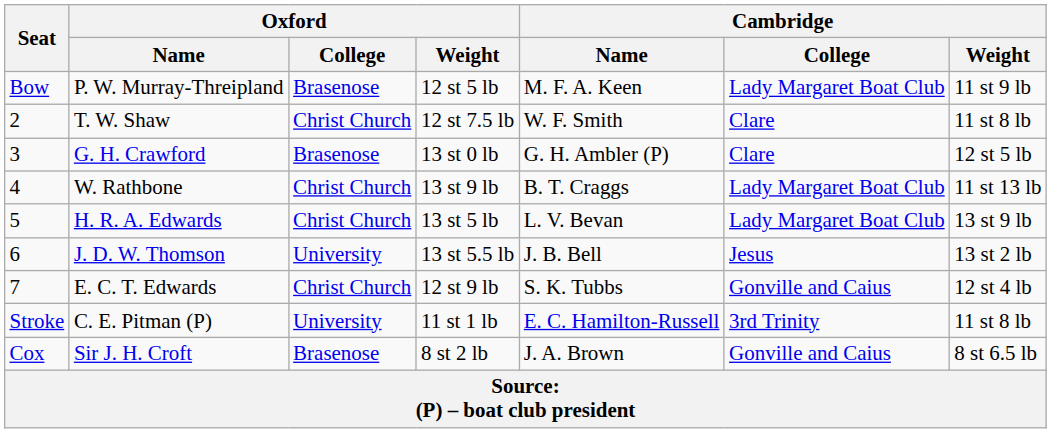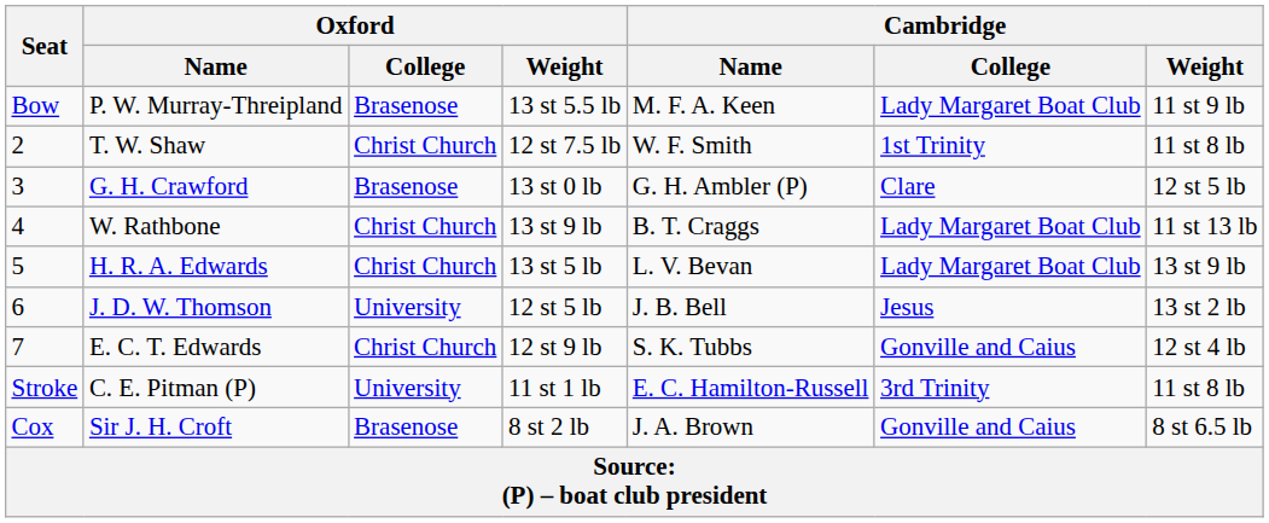 <table class="wikitable">
 <tr>
 <th rowspan="2" scope="col">Seat</th>
 <th colspan="3" scope="col">Oxford <br> </th>
 <th colspan="3" scope="col">Cambridge <br> </th>
 </tr>
 <tr>
 <th>Name</th>
 <th>College</th>
 <th>Weight</th>
 <th>Name</th>
 <th>College</th>
 <th>Weight</th>
 </tr>
 <tr>
 <td><a href='#'>Bow</a></td>
 <td>P. W. Murray-Threipland</td>
 <td><a href='#'>Brasenose</a></td>
-<td>12 st 5 lb</td>
+<td>13 st 5.5 lb</td>
 <td>M. F. A. Keen</td>
 <td><a href='#'>Lady Margaret Boat Club</a></td>
 <td>11 st 9 lb</td>
 </tr>
 <tr>
 <td>2</td>
 <td>T. W. Shaw</td>
 <td><a href='#'>Christ Church</a></td>
 <td>12 st 7.5 lb</td>
 <td>W. F. Smith</td>
-<td><a href='#'>Clare</a></td>
+<td><a href='#'>1st Trinity</a></td>
 <td>11 st 8 lb</td>
 </tr>
 <tr>
 <td>3</td>
 <td><a href='#'>G. H. Crawford</a></td>
 <td><a href='#'>Brasenose</a></td>
 <td>13 st 0 lb</td>
 <td>G. H. Ambler (P)</td>
 <td><a href='#'>Clare</a></td>
 <td>12 st 5 lb</td>
 </tr>
 <tr>
 <td>4</td>
 <td>W. Rathbone</td>
 <td><a href='#'>Christ Church</a></td>
 <td>13 st 9 lb</td>
 <td>B. T. Craggs</td>
 <td><a href='#'>Lady Margaret Boat Club</a></td>
 <td>11 st 13 lb</td>
 </tr>
 <tr>
 <td>5</td>
 <td><a href='#'>H. R. A. Edwards</a></td>
 <td><a href='#'>Christ Church</a></td>
 <td>13 st 5 lb</td>
 <td>L. V. Bevan</td>
 <td><a href='#'>Lady Margaret Boat Club</a></td>
 <td>13 st 9 lb</td>
 </tr>
 <tr>
 <td>6</td>
 <td><a href='#'>J. D. W. Thomson</a></td>
 <td><a href='#'>University</a></td>
-<td>13 st 5.5 lb</td>
+<td>12 st 5 lb</td>
 <td>J. B. Bell</td>
 <td><a href='#'>Jesus</a></td>
 <td>13 st 2 lb</td>
 </tr>
 <tr>
 <td>7</td>
 <td>E. C. T. Edwards</td>
 <td><a href='#'>Christ Church</a></td>
 <td>12 st 9 lb</td>
 <td>S. K. Tubbs</td>
 <td><a href='#'>Gonville and Caius</a></td>
 <td>12 st 4 lb</td>
 </tr>
 <tr>
 <td><a href='#'>Stroke</a></td>
 <td>C. E. Pitman (P)</td>
 <td><a href='#'>University</a></td>
 <td>11 st 1 lb</td>
 <td><a href='#'>E. C. Hamilton-Russell</a></td>
 <td><a href='#'>3rd Trinity</a></td>
 <td>11 st 8 lb</td>
 </tr>
 <tr>
 <td><a href='#'>Cox</a></td>
 <td><a href='#'>Sir J. H. Croft</a></td>
 <td><a href='#'>Brasenose</a></td>
 <td>8 st 2 lb</td>
 <td>J. A. Brown</td>
 <td><a href='#'>Gonville and Caius</a></td>
 <td>8 st 6.5 lb</td>
 </tr>
 <tr>
 <th colspan="7">Source:<br>(P) – boat club president</th>
 </tr>
 </table>
